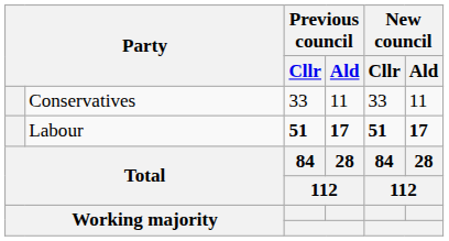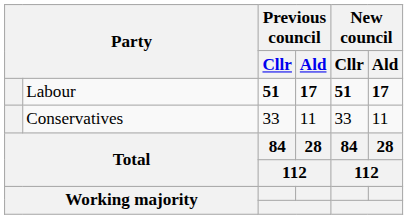 <table class="wikitable">
 <tr>
 <th colspan="2" rowspan="2" style="width: 230px">Party</th>
 <th valign=top colspan="2" style="width: 30px">Previous council</th>
 <th valign=top colspan="2" style="width: 30px">New council</th>
 </tr>
 <tr>
 <th><a href='#'>Cllr</a></th>
 <th><a href='#'>Ald</a></th>
 <th>Cllr</th>
 <th>Ald</th>
 </tr>
 <tr>
 <th style="background-color: "></th>
+<td>Labour</td>
+<td><strong>51</strong></td>
+<td><strong>17</strong></td>
+<td><strong>51</strong></td>
+<td><strong>17</strong></td>
+</tr>
+<tr>
+<th style="background-color: "></th>
 <td>Conservatives</td>
 <td>33</td>
 <td>11</td>
 <td>33</td>
 <td>11</td>
-</tr>
-<tr>
-<th style="background-color: "></th>
-<td>Labour</td>
-<td><strong>51</strong></td>
-<td><strong>17</strong></td>
-<td><strong>51</strong></td>
-<td><strong>17</strong></td>
 </tr>
 <tr>
 <th colspan="2" rowspan="2">Total</th>
 <th style="text-align: center">84</th>
 <th style="text-align: center">28</th>
 <th style="text-align: center">84</th>
 <th style="text-align: center">28</th>
 </tr>
 <tr>
 <th colspan="2" style="text-align: center">112</th>
 <th colspan="2" style="text-align: center">112</th>
 </tr>
 <tr>
 <th colspan="2" rowspan="2">Working majority</th>
 <th></th>
 <th></th>
 <th></th>
 <th></th>
 </tr>
 <tr>
 <th colspan="2"></th>
 <th colspan="2"></th>
 </tr>
 </table>
